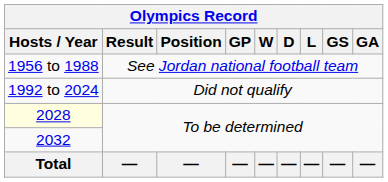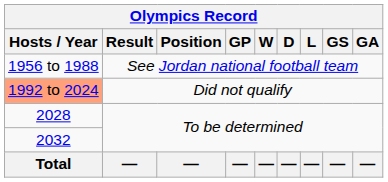 <table class="wikitable" style="text-align: center; font-size:100%">
 <tr>
 <th colspan=9><a href='#'>Olympics Record</a></th>
 </tr>
 <tr>
 <th>Hosts / Year</th>
 <th>Result</th>
 <th>Position</th>
 <th>GP</th>
 <th>W</th>
 <th>D</th>
 <th>L</th>
 <th>GS</th>
 <th>GA</th>
 </tr>
 <tr>
 <td><a href='#'>1956</a> to <a href='#'>1988</a></td>
 <td colspan=8><em>See <a href='#'>Jordan national football team</a></em></td>
 </tr>
 <tr>
-<td><a href='#'>1992</a> to <a href='#'>2024</a></td>
+<td style="background: lightsalmon;"><a href='#'>1992</a> to <a href='#'>2024</a></td>
 <td colspan=8><em>Did not qualify</em></td>
 </tr>
 <tr>
-<td style="background: lightyellow;"> <a href='#'>2028</a></td>
+<td> <a href='#'>2028</a></td>
 <td rowspan=2 colspan=8><em>To be determined</em></td>
 </tr>
 <tr>
 <td> <a href='#'>2032</a></td>
 </tr>
 <tr>
 <th>Total</th>
 <th>—</th>
 <th>—</th>
 <th>—</th>
 <th>—</th>
 <th>—</th>
 <th>—</th>
 <th>—</th>
 <th>—</th>
 </tr>
 </table>
